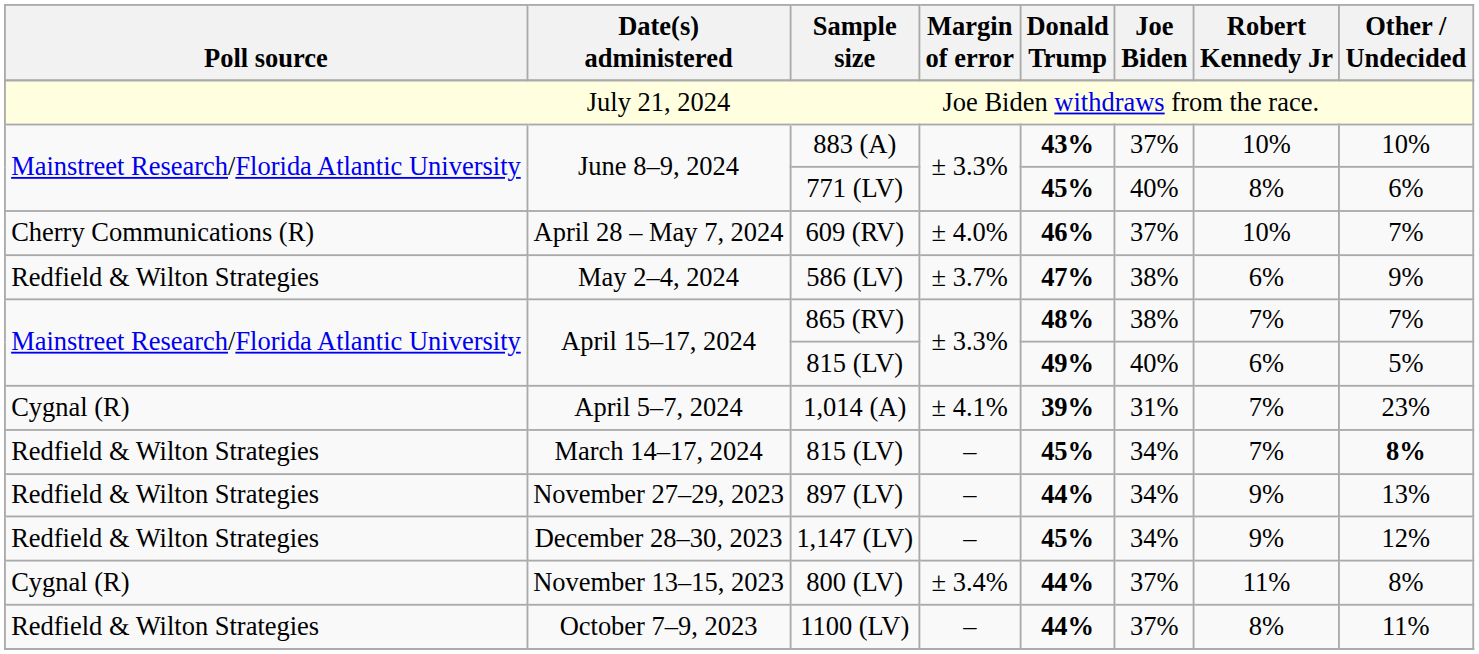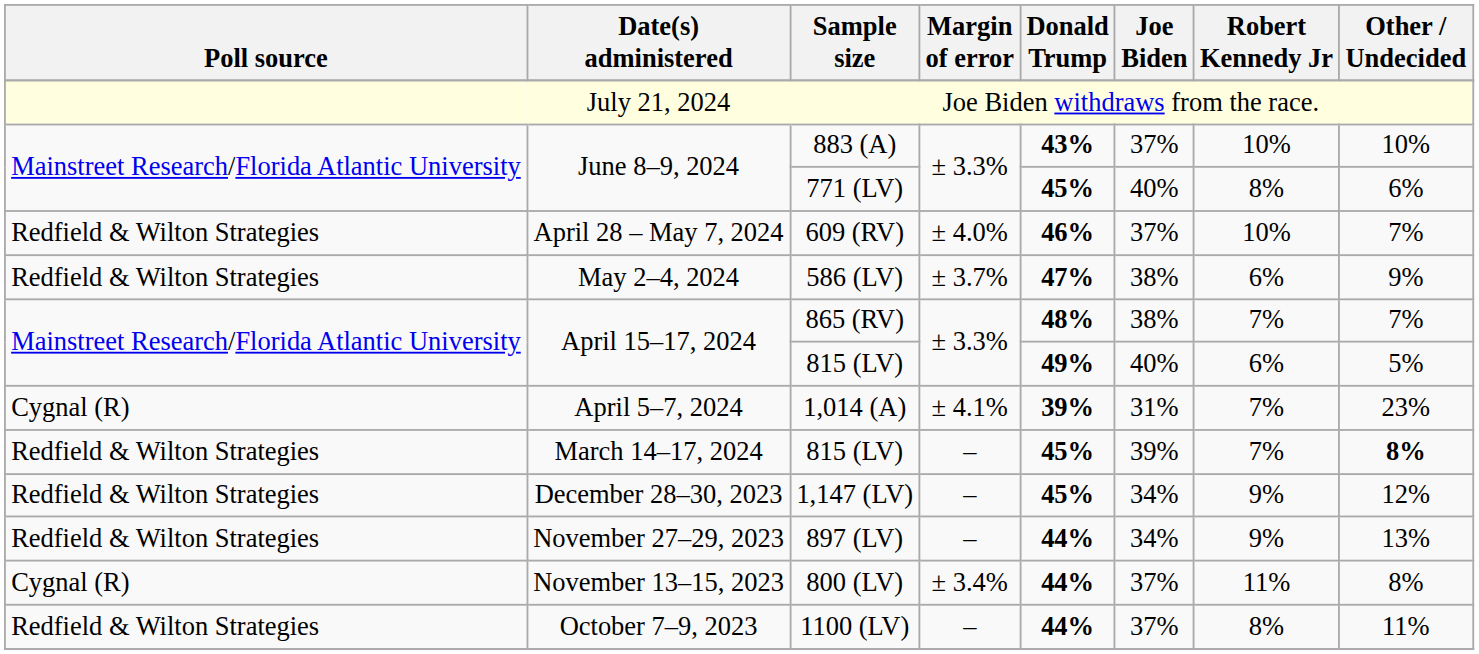 <table class="wikitable sortable mw-datatable" style="font-size:90%;text-align:center;line-height:17px">
 <tr valign=bottom>
 <th>Poll source</th>
 <th>Date(s)<br>administered</th>
 <th>Sample<br>size</th>
 <th>Margin<br>of error</th>
 <th class="unsortable">Donald<br>Trump<br></th>
 <th class="unsortable">Joe<br>Biden<br></th>
 <th class="unsortable">Robert<br>Kennedy Jr<br></th>
 <th class="unsortable">Other /<br>Undecided</th>
 </tr>
 <tr>
 </tr>
 <tr style="background:lightyellow;">
 <td style="border-right-style:hidden;"></td>
 <td style="border-right-style:hidden; " data-sort-value="2024-07-21">July 21, 2024</td>
 <td colspan="6">Joe Biden <a href='#'>withdraws</a> from the race.</td>
 </tr>
 <tr>
 <td style="text-align:left;" rowspan="2"><a href='#'>Mainstreet Research</a>/<a href='#'>Florida Atlantic University</a></td>
 <td rowspan="2">June 8–9, 2024</td>
 <td>883 (A)</td>
 <td rowspan="2">± 3.3%</td>
 <td style="background-color:"><strong>43%</strong></td>
 <td>37%</td>
 <td>10%</td>
 <td>10%</td>
 </tr>
 <tr>
 <td>771 (LV)</td>
 <td style="background-color:"><strong>45%</strong></td>
 <td>40%</td>
 <td>8%</td>
 <td>6%</td>
 </tr>
 <tr>
-<td style="text-align:left;">Cherry Communications (R)</td>
+<td style="text-align:left;">Redfield & Wilton Strategies</td>
 <td data-sort-value=2024-05-10>April 28 – May 7, 2024</td>
 <td>609 (RV)</td>
 <td>± 4.0%</td>
 <td style="background-color:"><strong>46%</strong></td>
 <td>37%</td>
 <td>10%</td>
 <td>7%</td>
 </tr>
 <tr>
 <td style="text-align:left;">Redfield & Wilton Strategies</td>
 <td data-sort-value=2024-05-13>May 2–4, 2024</td>
 <td>586 (LV)</td>
 <td>± 3.7%</td>
 <td style="background-color:"><strong>47%</strong></td>
 <td>38%</td>
 <td>6%</td>
 <td>9%</td>
 </tr>
 <tr>
 <td style="text-align:left;" rowspan="2"><a href='#'>Mainstreet Research</a>/<a href='#'>Florida Atlantic University</a></td>
 <td rowspan="2">April 15–17, 2024</td>
 <td>865 (RV)</td>
 <td rowspan="2">± 3.3%</td>
 <td style="background-color:"><strong>48%</strong></td>
 <td>38%</td>
 <td>7%</td>
 <td>7%</td>
 </tr>
 <tr>
 <td>815 (LV)</td>
 <td style="background-color:"><strong>49%</strong></td>
 <td>40%</td>
 <td>6%</td>
 <td>5%</td>
 </tr>
 <tr>
 <td style="text-align:left;">Cygnal (R)</td>
 <td data-sort-value="2024-04-14">April 5–7, 2024</td>
 <td>1,014 (A)</td>
 <td>± 4.1%</td>
 <td style="background-color:"><strong>39%</strong></td>
 <td>31%</td>
 <td>7%</td>
 <td>23%</td>
 </tr>
 <tr>
 <td style="text-align:left;">Redfield & Wilton Strategies</td>
 <td data-sort-value="2024-03-25">March 14–17, 2024</td>
 <td>815 (LV)</td>
 <td>–</td>
 <td style="background-color:"><strong>45%</strong></td>
-<td>34%</td>
+<td>39%</td>
 <td>7%</td>
 <td><strong>8%</strong></td>
+</tr>
+<tr>
+<td style="text-align:left;">Redfield & Wilton Strategies</td>
+<td data-sort-value="2024-01-08">December 28–30, 2023</td>
+<td>1,147 (LV)</td>
+<td>–</td>
+<td style="background-color:"><strong>45%</strong></td>
+<td>34%</td>
+<td>9%</td>
+<td>12%</td>
 </tr>
 <tr>
 <td style="text-align:left;">Redfield & Wilton Strategies</td>
 <td data-sort-value="2023-12-05">November 27–29, 2023</td>
 <td>897 (LV)</td>
 <td>–</td>
 <td style="background-color:"><strong>44%</strong></td>
 <td>34%</td>
 <td>9%</td>
 <td>13%</td>
-</tr>
-<tr>
-<td style="text-align:left;">Redfield & Wilton Strategies</td>
-<td data-sort-value="2024-01-08">December 28–30, 2023</td>
-<td>1,147 (LV)</td>
-<td>–</td>
-<td style="background-color:"><strong>45%</strong></td>
-<td>34%</td>
-<td>9%</td>
-<td>12%</td>
 </tr>
 <tr>
 <td style="text-align:left;">Cygnal (R)</td>
 <td data-sort-value="2023-10-15">November 13–15, 2023</td>
 <td>800 (LV)</td>
 <td>± 3.4%</td>
 <td style="background-color:"><strong>44%</strong></td>
 <td>37%</td>
 <td>11%</td>
 <td>8%</td>
 </tr>
 <tr>
 <td style="text-align:left;">Redfield & Wilton Strategies</td>
 <td data-sort-value="2023-10-15">October 7–9, 2023</td>
 <td>1100 (LV)</td>
 <td>–</td>
 <td style="background-color:"><strong>44%</strong></td>
 <td>37%</td>
 <td>8%</td>
 <td>11%</td>
 </tr>
 <tr>
 </tr>
 </table>
